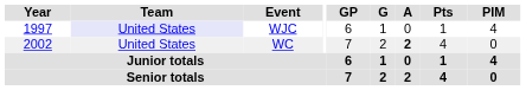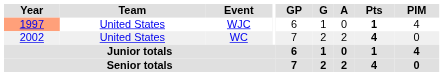 <table border="0" cellpadding="1" cellspacing="0" ID="Table3" style="text-align:center; width:40em">
 <tr bgcolor="#e0e0e0">
 <th>Year</th>
 <th>Team</th>
 <th>Event</th>
 <th rowspan="102" bgcolor="#ffffff"></th>
 <th>GP</th>
 <th>G</th>
 <th>A</th>
 <th>Pts</th>
 <th>PIM</th>
 </tr>
 <tr>
-<td><a href='#'>1997</a></td>
-<td style="background: lavender;"><a href='#'>United States</a></td>
+<td style="background: lightsalmon;"><a href='#'>1997</a></td>
+<td><a href='#'>United States</a></td>
 <td><a href='#'>WJC</a></td>
 <td>6</td>
 <td>1</td>
 <td>0</td>
-<td>1</td>
+<td><strong>1</strong></td>
 <td>4</td>
 </tr>
 <tr bgcolor="#f0f0f0">
 <td><a href='#'>2002</a></td>
 <td><a href='#'>United States</a></td>
 <td><a href='#'>WC</a></td>
 <td>7</td>
 <td>2</td>
-<td><strong>2</strong></td>
-<td>4</td>
+<td>2</td>
+<td><strong>4</strong></td>
 <td>0</td>
 </tr>
 <tr bgcolor="#e0e0e0">
 <th colspan="4">Junior totals</th>
 <th>6</th>
 <th>1</th>
 <th>0</th>
 <th>1</th>
 <th>4</th>
 </tr>
 <tr bgcolor="#e0e0e0">
 <th colspan="4">Senior totals</th>
 <th>7</th>
 <th>2</th>
 <th>2</th>
 <th>4</th>
 <th>0</th>
 </tr>
 </table>
